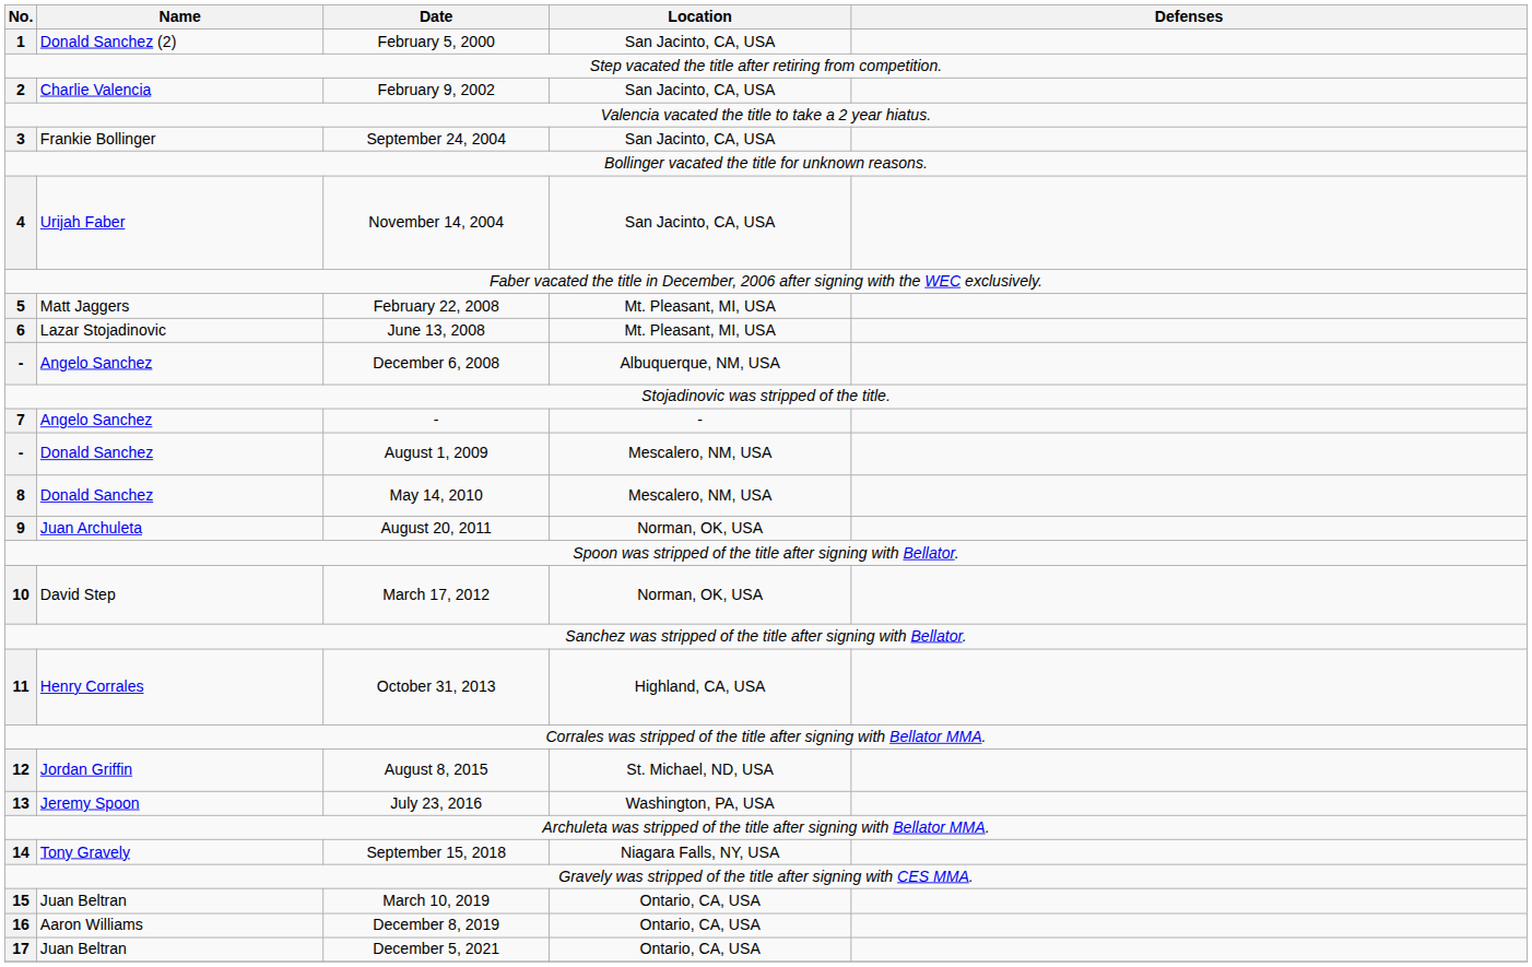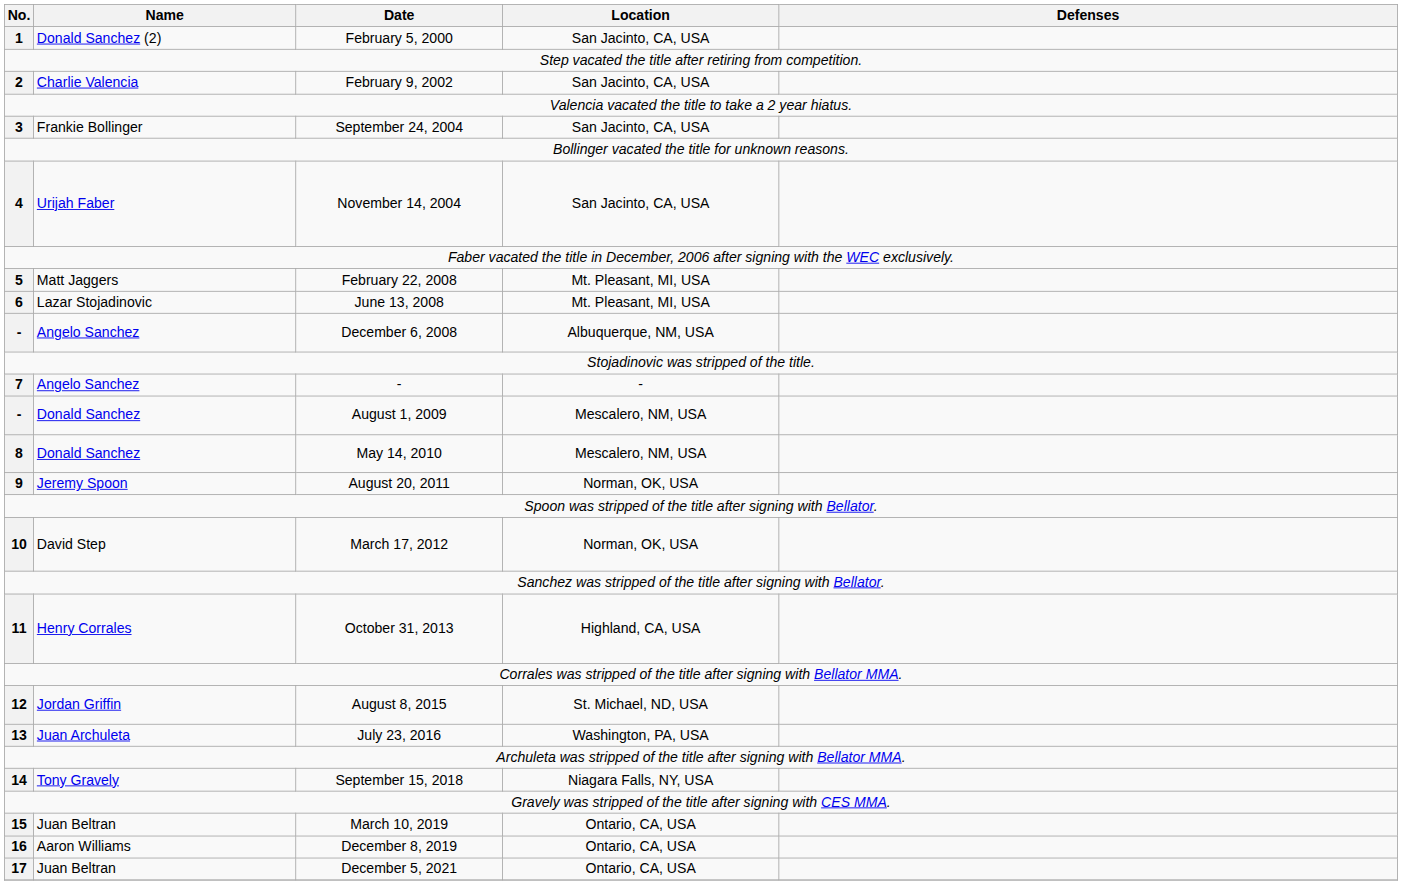 <table class="wikitable" width=100%>
 <tr>
 <th width=1%>No.</th>
 <th width=19%>Name</th>
 <th width=15%>Date</th>
 <th width=20%>Location</th>
 <th width=45%>Defenses</th>
 </tr>
 <tr>
 <th>1</th>
 <td align=left> <a href='#'>Donald Sanchez</a> (2)<br></td>
 <td align=center>February 5, 2000<br></td>
 <td align=center>San Jacinto, CA, USA</td>
 <td></td>
 </tr>
 <tr>
 <td align="center" colspan="5"><em>Step vacated the title after retiring from competition.</em></td>
 </tr>
 <tr>
 <th>2</th>
 <td align=left> <a href='#'>Charlie Valencia</a><br></td>
 <td align=center>February 9, 2002<br></td>
 <td align=center>San Jacinto, CA, USA</td>
 <td></td>
 </tr>
 <tr>
 <td align="center" colspan="5"><em>Valencia vacated the title to take a 2 year hiatus.</em></td>
 </tr>
 <tr>
 <th>3</th>
 <td align=left> Frankie Bollinger<br></td>
 <td align=center>September 24, 2004<br></td>
 <td align=center>San Jacinto, CA, USA</td>
 <td></td>
 </tr>
 <tr>
 <td align="center" colspan="5"><em>Bollinger vacated the title for unknown reasons.</em></td>
 </tr>
 <tr>
 <th>4</th>
 <td align=left> <a href='#'>Urijah Faber</a><br></td>
 <td align=center>November 14, 2004 <br></td>
 <td align=center>San Jacinto, CA, USA</td>
 <td><br><br> <br> <br> <br> </td>
 </tr>
 <tr>
 <td align="center" colspan="5"><em>Faber vacated the title in December, 2006 after signing with the <a href='#'>WEC</a> exclusively.</em></td>
 </tr>
 <tr>
 <th>5</th>
 <td align=left> Matt Jaggers<br></td>
 <td align=center>February 22, 2008 <br></td>
 <td align=center>Mt. Pleasant, MI, USA</td>
 <td></td>
 </tr>
 <tr>
 <th>6</th>
 <td align=left> Lazar Stojadinovic</td>
 <td align=center>June 13, 2008 <br></td>
 <td align=center>Mt. Pleasant, MI, USA</td>
 <td></td>
 </tr>
 <tr>
 <th>-</th>
 <td align=left> <a href='#'>Angelo Sanchez</a><br></td>
 <td align=center>December 6, 2008 <br></td>
 <td align=center>Albuquerque, NM, USA</td>
 <td><br><br> </td>
 </tr>
 <tr>
 <td align="center" colspan="5"><em>Stojadinovic was stripped of the title.</em></td>
 </tr>
 <tr>
 <th>7</th>
 <td align=left> <a href='#'>Angelo Sanchez</a><br></td>
 <td align=center>-</td>
 <td align=center>-</td>
 <td></td>
 </tr>
 <tr>
 <th>-</th>
 <td align=left> <a href='#'>Donald Sanchez</a><br></td>
 <td align=center>August 1, 2009 <br></td>
 <td align=center>Mescalero, NM, USA</td>
 <td><br><br> </td>
 </tr>
 <tr>
 <th>8</th>
 <td align=left> <a href='#'>Donald Sanchez</a></td>
 <td align=center>May 14, 2010 <br></td>
 <td align=center>Mescalero, NM, USA</td>
 <td><br><br> </td>
 </tr>
 <tr>
 <th>9</th>
-<td align=left> <a href='#'>Juan Archuleta</a></td>
+<td align=left> <a href='#'>Jeremy Spoon</a></td>
 <td align=center>August 20, 2011 <br></td>
 <td align=center>Norman, OK, USA</td>
 <td></td>
 </tr>
 <tr>
 <td align="center" colspan="5"><em>Spoon was stripped of the title after signing with <a href='#'>Bellator</a>.</em></td>
 </tr>
 <tr>
 <th>10</th>
 <td align=left> David Step<br></td>
 <td align=center>March 17, 2012 <br></td>
 <td align=center>Norman, OK, USA</td>
 <td><br><br> <br> </td>
 </tr>
 <tr>
 <td align="center" colspan="5"><em>Sanchez was stripped of the title after signing with <a href='#'>Bellator</a>.</em></td>
 </tr>
 <tr>
 <th>11</th>
 <td align=left> <a href='#'>Henry Corrales</a><br></td>
 <td align=center>October 31, 2013 <br></td>
 <td align=center>Highland, CA, USA</td>
 <td><br><br> <br> <br> </td>
 </tr>
 <tr>
 <td align="center" colspan="5"><em>Corrales was stripped of the title after signing with <a href='#'>Bellator MMA</a>.</em></td>
 </tr>
 <tr>
 <th>12</th>
 <td align=left> <a href='#'>Jordan Griffin</a><br></td>
 <td align=center>August 8, 2015 <br></td>
 <td align=center>St. Michael, ND, USA</td>
 <td><br><br> </td>
 </tr>
 <tr>
 <th>13</th>
-<td align=left> <a href='#'>Jeremy Spoon</a></td>
+<td align=left> <a href='#'>Juan Archuleta</a></td>
 <td align=center>July 23, 2016 <br></td>
 <td align=center>Washington, PA, USA</td>
 <td></td>
 </tr>
 <tr>
 <td align="center" colspan="5"><em>Archuleta was stripped of the title after signing with <a href='#'>Bellator MMA</a>.</em></td>
 </tr>
 <tr>
 <th>14</th>
 <td align=left> <a href='#'>Tony Gravely</a><br></td>
 <td align=center>September 15, 2018 <br></td>
 <td align=center>Niagara Falls, NY, USA</td>
 <td></td>
 </tr>
 <tr>
 <td align="center" colspan="5"><em>Gravely was stripped of the title after signing with <a href='#'>CES MMA</a>.</em></td>
 </tr>
 <tr>
 <th>15</th>
 <td align=left> Juan Beltran<br></td>
 <td align=center>March 10, 2019 <br></td>
 <td align=center>Ontario, CA, USA</td>
 </tr>
 <tr>
 <th>16</th>
 <td align=left> Aaron Williams</td>
 <td align=center>December 8, 2019 <br></td>
 <td align=center>Ontario, CA, USA</td>
 <td></td>
 </tr>
 <tr>
 <th>17</th>
 <td align=left> Juan Beltran</td>
 <td align=center>December 5, 2021 <br></td>
 <td align=center>Ontario, CA, USA</td>
 <td></td>
 </tr>
 <tr>
 </tr>
 </table>
